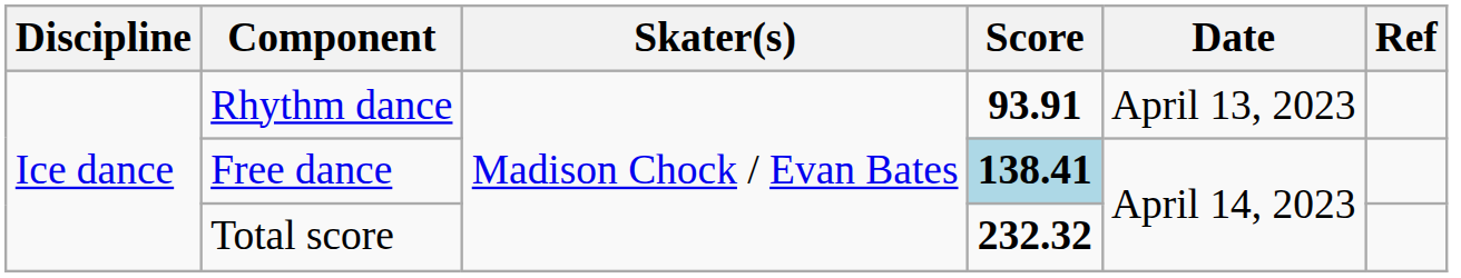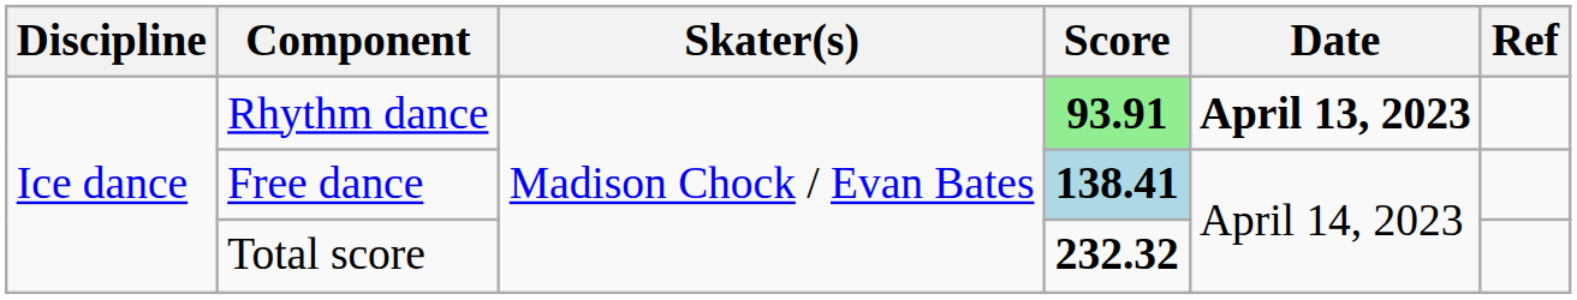 <table class="wikitable sortable">
 <tr>
 <th>Discipline</th>
 <th>Component</th>
 <th>Skater(s)</th>
 <th>Score</th>
 <th>Date</th>
 <th>Ref</th>
 </tr>
 <tr>
 <td rowspan=3><a href='#'>Ice dance</a></td>
 <td><a href='#'>Rhythm dance</a></td>
 <td rowspan=3> <a href='#'>Madison Chock</a> / <a href='#'>Evan Bates</a></td>
-<td align=center><strong>93.91</strong></td>
-<td>April 13, 2023</td>
+<td align=center style="background: lightgreen;"><strong>93.91</strong></td>
+<td><strong>April 13, 2023</strong></td>
 <td></td>
 </tr>
 <tr>
 <td><a href='#'>Free dance</a></td>
 <td align=center style="background: lightblue;"><strong>138.41</strong></td>
 <td rowspan=2>April 14, 2023</td>
 <td></td>
 </tr>
 <tr>
 <td>Total score</td>
 <td align=center><strong>232.32</strong></td>
 <td></td>
 </tr>
 </table>
